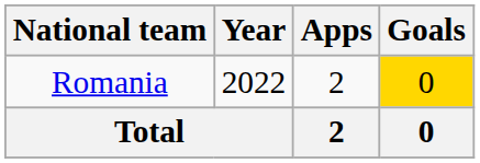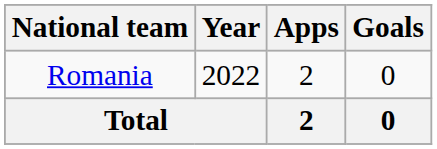 <table class="wikitable" style="text-align: center;">
 <tr>
 <th>National team</th>
 <th>Year</th>
 <th>Apps</th>
 <th>Goals</th>
 </tr>
 <tr>
 <td rowspan="1"><a href='#'>Romania</a></td>
 <td>2022</td>
 <td>2</td>
-<td style="background: gold;">0</td>
+<td>0</td>
 </tr>
 <tr>
 <th colspan="2">Total</th>
 <th>2</th>
 <th>0</th>
 </tr>
 </table>
